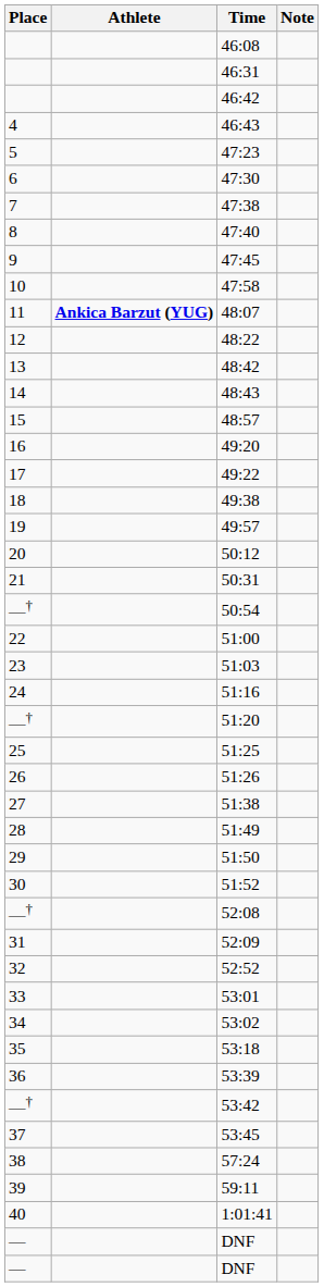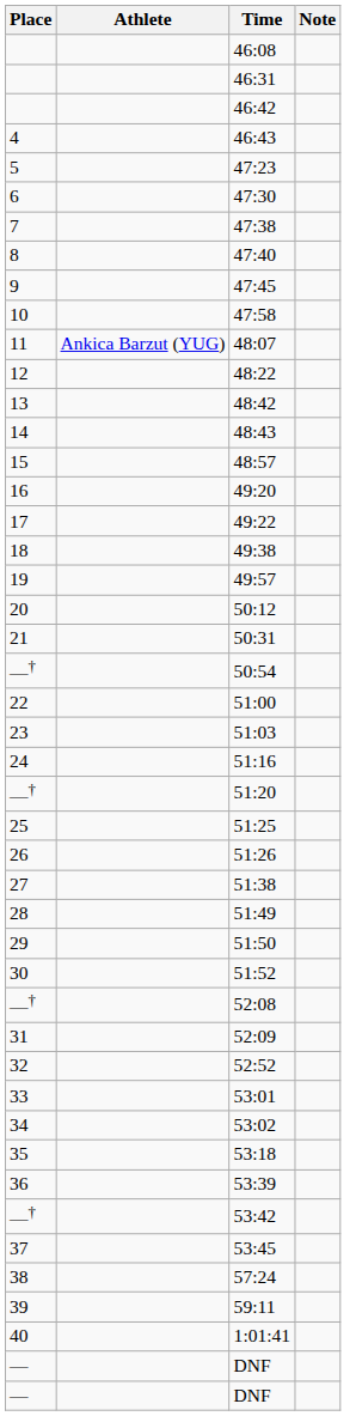 <table class=wikitable>
 <tr>
 <th>Place</th>
 <th>Athlete</th>
 <th>Time</th>
 <th>Note</th>
 </tr>
 <tr>
 <td></td>
 <td align=left></td>
 <td>46:08</td>
 <td></td>
 </tr>
 <tr>
 <td></td>
 <td align=left></td>
 <td>46:31</td>
 <td></td>
 </tr>
 <tr>
 <td></td>
 <td align=left></td>
 <td>46:42</td>
 <td></td>
 </tr>
 <tr>
 <td>4</td>
 <td align=left></td>
 <td>46:43</td>
 <td></td>
 </tr>
 <tr>
 <td>5</td>
 <td align=left></td>
 <td>47:23</td>
 <td></td>
 </tr>
 <tr>
 <td>6</td>
 <td align=left></td>
 <td>47:30</td>
 <td></td>
 </tr>
 <tr>
 <td>7</td>
 <td align=left></td>
 <td>47:38</td>
 <td></td>
 </tr>
 <tr>
 <td>8</td>
 <td align=left></td>
 <td>47:40</td>
 <td></td>
 </tr>
 <tr>
 <td>9</td>
 <td align=left></td>
 <td>47:45</td>
 <td></td>
 </tr>
 <tr>
 <td>10</td>
 <td align=left></td>
 <td>47:58</td>
 <td></td>
 </tr>
 <tr>
 <td>11</td>
-<td align=left><strong> <a href='#'>Ankica Barzut</a> (<a href='#'>YUG</a>)</strong></td>
+<td align=left> <a href='#'>Ankica Barzut</a> (<a href='#'>YUG</a>)</td>
 <td>48:07</td>
 <td></td>
 </tr>
 <tr>
 <td>12</td>
 <td align=left></td>
 <td>48:22</td>
 <td></td>
 </tr>
 <tr>
 <td>13</td>
 <td align=left></td>
 <td>48:42</td>
 <td></td>
 </tr>
 <tr>
 <td>14</td>
 <td align=left></td>
 <td>48:43</td>
 <td></td>
 </tr>
 <tr>
 <td>15</td>
 <td align=left></td>
 <td>48:57</td>
 <td></td>
 </tr>
 <tr>
 <td>16</td>
 <td align=left></td>
 <td>49:20</td>
 <td></td>
 </tr>
 <tr>
 <td>17</td>
 <td align=left></td>
 <td>49:22</td>
 <td></td>
 </tr>
 <tr>
 <td>18</td>
 <td align=left></td>
 <td>49:38</td>
 <td></td>
 </tr>
 <tr>
 <td>19</td>
 <td align=left></td>
 <td>49:57</td>
 <td></td>
 </tr>
 <tr>
 <td>20</td>
 <td align=left></td>
 <td>50:12</td>
 <td></td>
 </tr>
 <tr>
 <td>21</td>
 <td align=left></td>
 <td>50:31</td>
 <td></td>
 </tr>
 <tr>
 <td>—<sup>†</sup></td>
 <td align=left></td>
 <td>50:54</td>
 <td></td>
 </tr>
 <tr>
 <td>22</td>
 <td align=left></td>
 <td>51:00</td>
 <td></td>
 </tr>
 <tr>
 <td>23</td>
 <td align=left></td>
 <td>51:03</td>
 <td></td>
 </tr>
 <tr>
 <td>24</td>
 <td align=left></td>
 <td>51:16</td>
 <td></td>
 </tr>
 <tr>
 <td>—<sup>†</sup></td>
 <td align=left></td>
 <td>51:20</td>
 <td></td>
 </tr>
 <tr>
 <td>25</td>
 <td align=left></td>
 <td>51:25</td>
 <td></td>
 </tr>
 <tr>
 <td>26</td>
 <td align=left></td>
 <td>51:26</td>
 <td></td>
 </tr>
 <tr>
 <td>27</td>
 <td align=left></td>
 <td>51:38</td>
 <td></td>
 </tr>
 <tr>
 <td>28</td>
 <td align=left></td>
 <td>51:49</td>
 <td></td>
 </tr>
 <tr>
 <td>29</td>
 <td align=left></td>
 <td>51:50</td>
 <td></td>
 </tr>
 <tr>
 <td>30</td>
 <td align=left></td>
 <td>51:52</td>
 <td></td>
 </tr>
 <tr>
 <td>—<sup>†</sup></td>
 <td align=left></td>
 <td>52:08</td>
 <td></td>
 </tr>
 <tr>
 <td>31</td>
 <td align=left></td>
 <td>52:09</td>
 <td></td>
 </tr>
 <tr>
 <td>32</td>
 <td align=left></td>
 <td>52:52</td>
 <td></td>
 </tr>
 <tr>
 <td>33</td>
 <td align=left></td>
 <td>53:01</td>
 <td></td>
 </tr>
 <tr>
 <td>34</td>
 <td align=left></td>
 <td>53:02</td>
 <td></td>
 </tr>
 <tr>
 <td>35</td>
 <td align=left></td>
 <td>53:18</td>
 <td></td>
 </tr>
 <tr>
 <td>36</td>
 <td align=left></td>
 <td>53:39</td>
 <td></td>
 </tr>
 <tr>
 <td>—<sup>†</sup></td>
 <td align=left></td>
 <td>53:42</td>
 <td></td>
 </tr>
 <tr>
 <td>37</td>
 <td align=left></td>
 <td>53:45</td>
 <td></td>
 </tr>
 <tr>
 <td>38</td>
 <td align=left></td>
 <td>57:24</td>
 <td></td>
 </tr>
 <tr>
 <td>39</td>
 <td align=left></td>
 <td>59:11</td>
 <td></td>
 </tr>
 <tr>
 <td>40</td>
 <td align=left></td>
 <td>1:01:41</td>
 <td></td>
 </tr>
 <tr>
 <td>—</td>
 <td align=left></td>
 <td>DNF</td>
 <td></td>
 </tr>
 <tr>
 <td>—</td>
 <td align=left></td>
 <td>DNF</td>
 <td></td>
 </tr>
 </table>
